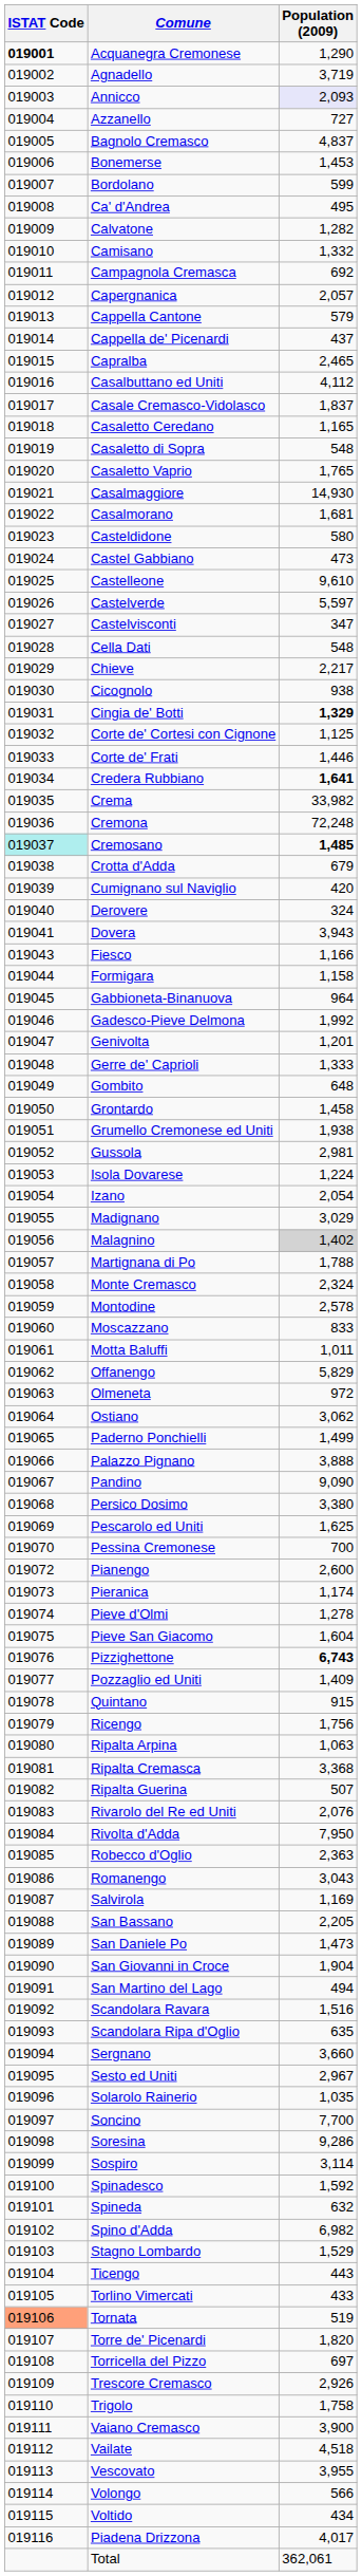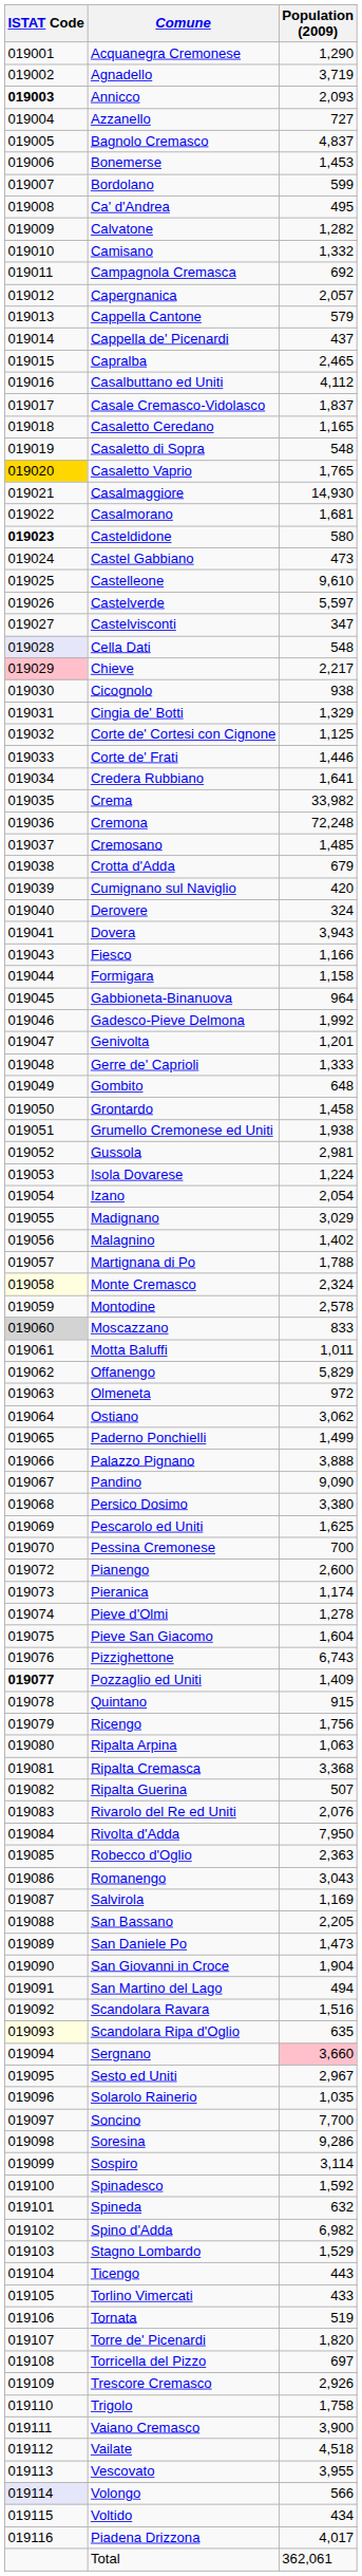 <table class="wikitable sortable">
 <tr>
 <th><a href='#'>ISTAT</a> Code</th>
 <th><em><a href='#'>Comune</a></em></th>
 <th>Population <br>(2009)</th>
 </tr>
 <tr>
-<td><strong>019001</strong></td>
+<td>019001</td>
 <td><a href='#'>Acquanegra Cremonese</a></td>
 <td align=right>1,290</td>
 </tr>
 <tr>
 <td>019002</td>
 <td><a href='#'>Agnadello</a></td>
 <td align=right>3,719</td>
 </tr>
 <tr>
-<td>019003</td>
+<td><strong>019003</strong></td>
 <td><a href='#'>Annicco</a></td>
-<td align=right style="background: lavender;">2,093</td>
+<td align=right>2,093</td>
 </tr>
 <tr>
 <td>019004</td>
 <td><a href='#'>Azzanello</a></td>
 <td align=right>727</td>
 </tr>
 <tr>
 <td>019005</td>
 <td><a href='#'>Bagnolo Cremasco</a></td>
 <td align=right>4,837</td>
 </tr>
 <tr>
 <td>019006</td>
 <td><a href='#'>Bonemerse</a></td>
 <td align=right>1,453</td>
 </tr>
 <tr>
 <td>019007</td>
 <td><a href='#'>Bordolano</a></td>
 <td align=right>599</td>
 </tr>
 <tr>
 <td>019008</td>
 <td><a href='#'>Ca' d'Andrea</a></td>
 <td align=right>495</td>
 </tr>
 <tr>
 <td>019009</td>
 <td><a href='#'>Calvatone</a></td>
 <td align=right>1,282</td>
 </tr>
 <tr>
 <td>019010</td>
 <td><a href='#'>Camisano</a></td>
 <td align=right>1,332</td>
 </tr>
 <tr>
 <td>019011</td>
 <td><a href='#'>Campagnola Cremasca</a></td>
 <td align=right>692</td>
 </tr>
 <tr>
 <td>019012</td>
 <td><a href='#'>Capergnanica</a></td>
 <td align=right>2,057</td>
 </tr>
 <tr>
 <td>019013</td>
 <td><a href='#'>Cappella Cantone</a></td>
 <td align=right>579</td>
 </tr>
 <tr>
 <td>019014</td>
 <td><a href='#'>Cappella de' Picenardi</a></td>
 <td align=right>437</td>
 </tr>
 <tr>
 <td>019015</td>
 <td><a href='#'>Capralba</a></td>
 <td align=right>2,465</td>
 </tr>
 <tr>
 <td>019016</td>
 <td><a href='#'>Casalbuttano ed Uniti</a></td>
 <td align=right>4,112</td>
 </tr>
 <tr>
 <td>019017</td>
 <td><a href='#'>Casale Cremasco-Vidolasco</a></td>
 <td align=right>1,837</td>
 </tr>
 <tr>
 <td>019018</td>
 <td><a href='#'>Casaletto Ceredano</a></td>
 <td align=right>1,165</td>
 </tr>
 <tr>
 <td>019019</td>
 <td><a href='#'>Casaletto di Sopra</a></td>
 <td align=right>548</td>
 </tr>
 <tr>
-<td>019020</td>
+<td style="background: gold;">019020</td>
 <td><a href='#'>Casaletto Vaprio</a></td>
 <td align=right>1,765</td>
 </tr>
 <tr>
 <td>019021</td>
 <td><a href='#'>Casalmaggiore</a></td>
 <td align=right>14,930</td>
 </tr>
 <tr>
 <td>019022</td>
 <td><a href='#'>Casalmorano</a></td>
 <td align=right>1,681</td>
 </tr>
 <tr>
-<td>019023</td>
+<td><strong>019023</strong></td>
 <td><a href='#'>Casteldidone</a></td>
 <td align=right>580</td>
 </tr>
 <tr>
 <td>019024</td>
 <td><a href='#'>Castel Gabbiano</a></td>
 <td align=right>473</td>
 </tr>
 <tr>
 <td>019025</td>
 <td><a href='#'>Castelleone</a></td>
 <td align=right>9,610</td>
 </tr>
 <tr>
 <td>019026</td>
 <td><a href='#'>Castelverde</a></td>
 <td align=right>5,597</td>
 </tr>
 <tr>
 <td>019027</td>
 <td><a href='#'>Castelvisconti</a></td>
 <td align=right>347</td>
 </tr>
 <tr>
-<td>019028</td>
+<td style="background: lavender;">019028</td>
 <td><a href='#'>Cella Dati</a></td>
 <td align=right>548</td>
 </tr>
 <tr>
-<td>019029</td>
+<td style="background: pink;">019029</td>
 <td><a href='#'>Chieve</a></td>
 <td align=right>2,217</td>
 </tr>
 <tr>
 <td>019030</td>
 <td><a href='#'>Cicognolo</a></td>
 <td align=right>938</td>
 </tr>
 <tr>
 <td>019031</td>
 <td><a href='#'>Cingia de' Botti</a></td>
-<td align=right><strong>1,329</strong></td>
+<td align=right>1,329</td>
 </tr>
 <tr>
 <td>019032</td>
 <td><a href='#'>Corte de' Cortesi con Cignone</a></td>
 <td align=right>1,125</td>
 </tr>
 <tr>
 <td>019033</td>
 <td><a href='#'>Corte de' Frati</a></td>
 <td align=right>1,446</td>
 </tr>
 <tr>
 <td>019034</td>
 <td><a href='#'>Credera Rubbiano</a></td>
-<td align=right><strong>1,641</strong></td>
+<td align=right>1,641</td>
 </tr>
 <tr>
 <td>019035</td>
 <td><a href='#'>Crema</a></td>
 <td align=right>33,982</td>
 </tr>
 <tr>
 <td>019036</td>
 <td><a href='#'>Cremona</a></td>
 <td align=right>72,248</td>
 </tr>
 <tr>
-<td style="background: paleturquoise;">019037</td>
+<td>019037</td>
 <td><a href='#'>Cremosano</a></td>
-<td align=right><strong>1,485</strong></td>
+<td align=right>1,485</td>
 </tr>
 <tr>
 <td>019038</td>
 <td><a href='#'>Crotta d'Adda</a></td>
 <td align=right>679</td>
 </tr>
 <tr>
 <td>019039</td>
 <td><a href='#'>Cumignano sul Naviglio</a></td>
 <td align=right>420</td>
 </tr>
 <tr>
 <td>019040</td>
 <td><a href='#'>Derovere</a></td>
 <td align=right>324</td>
 </tr>
 <tr>
 <td>019041</td>
 <td><a href='#'>Dovera</a></td>
 <td align=right>3,943</td>
 </tr>
 <tr>
 <td>019043</td>
 <td><a href='#'>Fiesco</a></td>
 <td align=right>1,166</td>
 </tr>
 <tr>
 <td>019044</td>
 <td><a href='#'>Formigara</a></td>
 <td align=right>1,158</td>
 </tr>
 <tr>
 <td>019045</td>
 <td><a href='#'>Gabbioneta-Binanuova</a></td>
 <td align=right>964</td>
 </tr>
 <tr>
 <td>019046</td>
 <td><a href='#'>Gadesco-Pieve Delmona</a></td>
 <td align=right>1,992</td>
 </tr>
 <tr>
 <td>019047</td>
 <td><a href='#'>Genivolta</a></td>
 <td align=right>1,201</td>
 </tr>
 <tr>
 <td>019048</td>
 <td><a href='#'>Gerre de' Caprioli</a></td>
 <td align=right>1,333</td>
 </tr>
 <tr>
 <td>019049</td>
 <td><a href='#'>Gombito</a></td>
 <td align=right>648</td>
 </tr>
 <tr>
 <td>019050</td>
 <td><a href='#'>Grontardo</a></td>
 <td align=right>1,458</td>
 </tr>
 <tr>
 <td>019051</td>
 <td><a href='#'>Grumello Cremonese ed Uniti</a></td>
 <td align=right>1,938</td>
 </tr>
 <tr>
 <td>019052</td>
 <td><a href='#'>Gussola</a></td>
 <td align=right>2,981</td>
 </tr>
 <tr>
 <td>019053</td>
 <td><a href='#'>Isola Dovarese</a></td>
 <td align=right>1,224</td>
 </tr>
 <tr>
 <td>019054</td>
 <td><a href='#'>Izano</a></td>
 <td align=right>2,054</td>
 </tr>
 <tr>
 <td>019055</td>
 <td><a href='#'>Madignano</a></td>
 <td align=right>3,029</td>
 </tr>
 <tr>
 <td>019056</td>
 <td><a href='#'>Malagnino</a></td>
-<td align=right style="background: lightgrey;">1,402</td>
+<td align=right>1,402</td>
 </tr>
 <tr>
 <td>019057</td>
 <td><a href='#'>Martignana di Po</a></td>
 <td align=right>1,788</td>
 </tr>
 <tr>
-<td>019058</td>
+<td style="background: lightyellow;">019058</td>
 <td><a href='#'>Monte Cremasco</a></td>
 <td align=right>2,324</td>
 </tr>
 <tr>
 <td>019059</td>
 <td><a href='#'>Montodine</a></td>
 <td align=right>2,578</td>
 </tr>
 <tr>
-<td>019060</td>
+<td style="background: lightgrey;">019060</td>
 <td><a href='#'>Moscazzano</a></td>
 <td align=right>833</td>
 </tr>
 <tr>
 <td>019061</td>
 <td><a href='#'>Motta Baluffi</a></td>
 <td align=right>1,011</td>
 </tr>
 <tr>
 <td>019062</td>
 <td><a href='#'>Offanengo</a></td>
 <td align=right>5,829</td>
 </tr>
 <tr>
 <td>019063</td>
 <td><a href='#'>Olmeneta</a></td>
 <td align=right>972</td>
 </tr>
 <tr>
 <td>019064</td>
 <td><a href='#'>Ostiano</a></td>
 <td align=right>3,062</td>
 </tr>
 <tr>
 <td>019065</td>
 <td><a href='#'>Paderno Ponchielli</a></td>
 <td align=right>1,499</td>
 </tr>
 <tr>
 <td>019066</td>
 <td><a href='#'>Palazzo Pignano</a></td>
 <td align=right>3,888</td>
 </tr>
 <tr>
 <td>019067</td>
 <td><a href='#'>Pandino</a></td>
 <td align=right>9,090</td>
 </tr>
 <tr>
 <td>019068</td>
 <td><a href='#'>Persico Dosimo</a></td>
 <td align=right>3,380</td>
 </tr>
 <tr>
 <td>019069</td>
 <td><a href='#'>Pescarolo ed Uniti</a></td>
 <td align=right>1,625</td>
 </tr>
 <tr>
 <td>019070</td>
 <td><a href='#'>Pessina Cremonese</a></td>
 <td align=right>700</td>
 </tr>
 <tr>
 <td>019072</td>
 <td><a href='#'>Pianengo</a></td>
 <td align=right>2,600</td>
 </tr>
 <tr>
 <td>019073</td>
 <td><a href='#'>Pieranica</a></td>
 <td align=right>1,174</td>
 </tr>
 <tr>
 <td>019074</td>
 <td><a href='#'>Pieve d'Olmi</a></td>
 <td align=right>1,278</td>
 </tr>
 <tr>
 <td>019075</td>
 <td><a href='#'>Pieve San Giacomo</a></td>
 <td align=right>1,604</td>
 </tr>
 <tr>
 <td>019076</td>
 <td><a href='#'>Pizzighettone</a></td>
-<td align=right><strong>6,743</strong></td>
+<td align=right>6,743</td>
 </tr>
 <tr>
-<td>019077</td>
+<td><strong>019077</strong></td>
 <td><a href='#'>Pozzaglio ed Uniti</a></td>
 <td align=right>1,409</td>
 </tr>
 <tr>
 <td>019078</td>
 <td><a href='#'>Quintano</a></td>
 <td align=right>915</td>
 </tr>
 <tr>
 <td>019079</td>
 <td><a href='#'>Ricengo</a></td>
 <td align=right>1,756</td>
 </tr>
 <tr>
 <td>019080</td>
 <td><a href='#'>Ripalta Arpina</a></td>
 <td align=right>1,063</td>
 </tr>
 <tr>
 <td>019081</td>
 <td><a href='#'>Ripalta Cremasca</a></td>
 <td align=right>3,368</td>
 </tr>
 <tr>
 <td>019082</td>
 <td><a href='#'>Ripalta Guerina</a></td>
 <td align=right>507</td>
 </tr>
 <tr>
 <td>019083</td>
 <td><a href='#'>Rivarolo del Re ed Uniti</a></td>
 <td align=right>2,076</td>
 </tr>
 <tr>
 <td>019084</td>
 <td><a href='#'>Rivolta d'Adda</a></td>
 <td align=right>7,950</td>
 </tr>
 <tr>
 <td>019085</td>
 <td><a href='#'>Robecco d'Oglio</a></td>
 <td align=right>2,363</td>
 </tr>
 <tr>
 <td>019086</td>
 <td><a href='#'>Romanengo</a></td>
 <td align=right>3,043</td>
 </tr>
 <tr>
 <td>019087</td>
 <td><a href='#'>Salvirola</a></td>
 <td align=right>1,169</td>
 </tr>
 <tr>
 <td>019088</td>
 <td><a href='#'>San Bassano</a></td>
 <td align=right>2,205</td>
 </tr>
 <tr>
 <td>019089</td>
 <td><a href='#'>San Daniele Po</a></td>
 <td align=right>1,473</td>
 </tr>
 <tr>
 <td>019090</td>
 <td><a href='#'>San Giovanni in Croce</a></td>
 <td align=right>1,904</td>
 </tr>
 <tr>
 <td>019091</td>
 <td><a href='#'>San Martino del Lago</a></td>
 <td align=right>494</td>
 </tr>
 <tr>
 <td>019092</td>
 <td><a href='#'>Scandolara Ravara</a></td>
 <td align=right>1,516</td>
 </tr>
 <tr>
-<td>019093</td>
+<td style="background: lightyellow;">019093</td>
 <td><a href='#'>Scandolara Ripa d'Oglio</a></td>
 <td align=right>635</td>
 </tr>
 <tr>
 <td>019094</td>
 <td><a href='#'>Sergnano</a></td>
-<td align=right>3,660</td>
+<td align=right style="background: pink;">3,660</td>
 </tr>
 <tr>
 <td>019095</td>
 <td><a href='#'>Sesto ed Uniti</a></td>
 <td align=right>2,967</td>
 </tr>
 <tr>
 <td>019096</td>
 <td><a href='#'>Solarolo Rainerio</a></td>
 <td align=right>1,035</td>
 </tr>
 <tr>
 <td>019097</td>
 <td><a href='#'>Soncino</a></td>
 <td align=right>7,700</td>
 </tr>
 <tr>
 <td>019098</td>
 <td><a href='#'>Soresina</a></td>
 <td align=right>9,286</td>
 </tr>
 <tr>
 <td>019099</td>
 <td><a href='#'>Sospiro</a></td>
 <td align=right>3,114</td>
 </tr>
 <tr>
 <td>019100</td>
 <td><a href='#'>Spinadesco</a></td>
 <td align=right>1,592</td>
 </tr>
 <tr>
 <td>019101</td>
 <td><a href='#'>Spineda</a></td>
 <td align=right>632</td>
 </tr>
 <tr>
 <td>019102</td>
 <td><a href='#'>Spino d'Adda</a></td>
 <td align=right>6,982</td>
 </tr>
 <tr>
 <td>019103</td>
 <td><a href='#'>Stagno Lombardo</a></td>
 <td align=right>1,529</td>
 </tr>
 <tr>
 <td>019104</td>
 <td><a href='#'>Ticengo</a></td>
 <td align=right>443</td>
 </tr>
 <tr>
 <td>019105</td>
 <td><a href='#'>Torlino Vimercati</a></td>
 <td align=right>433</td>
 </tr>
 <tr>
-<td style="background: lightsalmon;">019106</td>
+<td>019106</td>
 <td><a href='#'>Tornata</a></td>
 <td align=right>519</td>
 </tr>
 <tr>
 <td>019107</td>
 <td><a href='#'>Torre de' Picenardi</a></td>
 <td align=right>1,820</td>
 </tr>
 <tr>
 <td>019108</td>
 <td><a href='#'>Torricella del Pizzo</a></td>
 <td align=right>697</td>
 </tr>
 <tr>
 <td>019109</td>
 <td><a href='#'>Trescore Cremasco</a></td>
 <td align=right>2,926</td>
 </tr>
 <tr>
 <td>019110</td>
 <td><a href='#'>Trigolo</a></td>
 <td align=right>1,758</td>
 </tr>
 <tr>
 <td>019111</td>
 <td><a href='#'>Vaiano Cremasco</a></td>
 <td align=right>3,900</td>
 </tr>
 <tr>
 <td>019112</td>
 <td><a href='#'>Vailate</a></td>
 <td align=right>4,518</td>
 </tr>
 <tr>
 <td>019113</td>
 <td><a href='#'>Vescovato</a></td>
 <td align=right>3,955</td>
 </tr>
 <tr>
-<td>019114</td>
+<td style="background: lavender;">019114</td>
 <td><a href='#'>Volongo</a></td>
 <td align=right>566</td>
 </tr>
 <tr>
 <td>019115</td>
 <td><a href='#'>Voltido</a></td>
 <td align=right>434</td>
 </tr>
 <tr>
 <td>019116</td>
 <td><a href='#'>Piadena Drizzona</a></td>
 <td align=right>4,017</td>
 </tr>
 <tr>
 <td></td>
 <td>Total</td>
 <td>362,061</td>
 </tr>
 </table>
